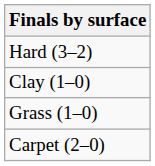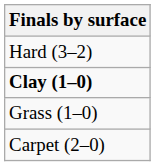 <table class=wikitable style=font-size:90%>
 <tr>
 <th>Finals by surface</th>
 </tr>
 <tr>
 <td>Hard (3–2)</td>
 </tr>
 <tr>
-<td>Clay (1–0)</td>
+<td><strong>Clay (1–0)</strong></td>
 </tr>
 <tr>
 <td>Grass (1–0)</td>
 </tr>
 <tr>
 <td>Carpet (2–0)</td>
 </tr>
 </table>
